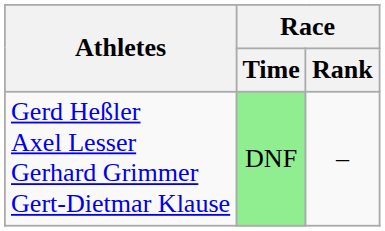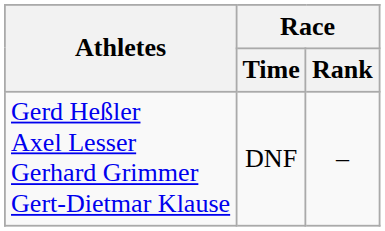 <table class="wikitable" border="1" style="font-size:90%">
 <tr>
 <th rowspan=2>Athletes</th>
 <th colspan=2>Race</th>
 </tr>
 <tr>
 <th>Time</th>
 <th>Rank</th>
 </tr>
 <tr>
 <td><a href='#'>Gerd Heßler</a><br><a href='#'>Axel Lesser</a><br><a href='#'>Gerhard Grimmer</a><br><a href='#'>Gert-Dietmar Klause</a></td>
-<td align=center style="background: lightgreen;">DNF</td>
+<td align=center>DNF</td>
 <td align=center>–</td>
 </tr>
 </table>
